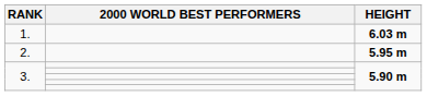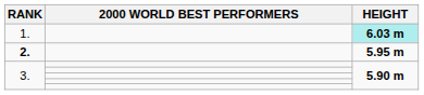 <table class="wikitable" style="border-collapse: collapse; font-size: 90%;">
 <tr>
 <th>RANK</th>
 <th align="center" style="width: 25em">2000 WORLD BEST PERFORMERS</th>
 <th align="center" style="width: 5em">HEIGHT</th>
 </tr>
 <tr>
 <td align="center">1.</td>
 <td></td>
-<td align="center"><strong>6.03 m</strong></td>
+<td align="center" style="background: paleturquoise;"><strong>6.03 m</strong></td>
 </tr>
 <tr>
-<td align="center">2.</td>
+<td align="center"><strong>2.</strong></td>
 <td></td>
 <td align="center"><strong>5.95 m</strong></td>
 </tr>
 <tr>
 <td rowspan=5 align="center">3.</td>
 <td></td>
 <td rowspan=5 align="center"><strong>5.90 m</strong></td>
 </tr>
 <tr>
 <td></td>
 </tr>
 <tr>
 <td></td>
 </tr>
 <tr>
 <td></td>
 </tr>
 <tr>
 <td></td>
 </tr>
 </table>
